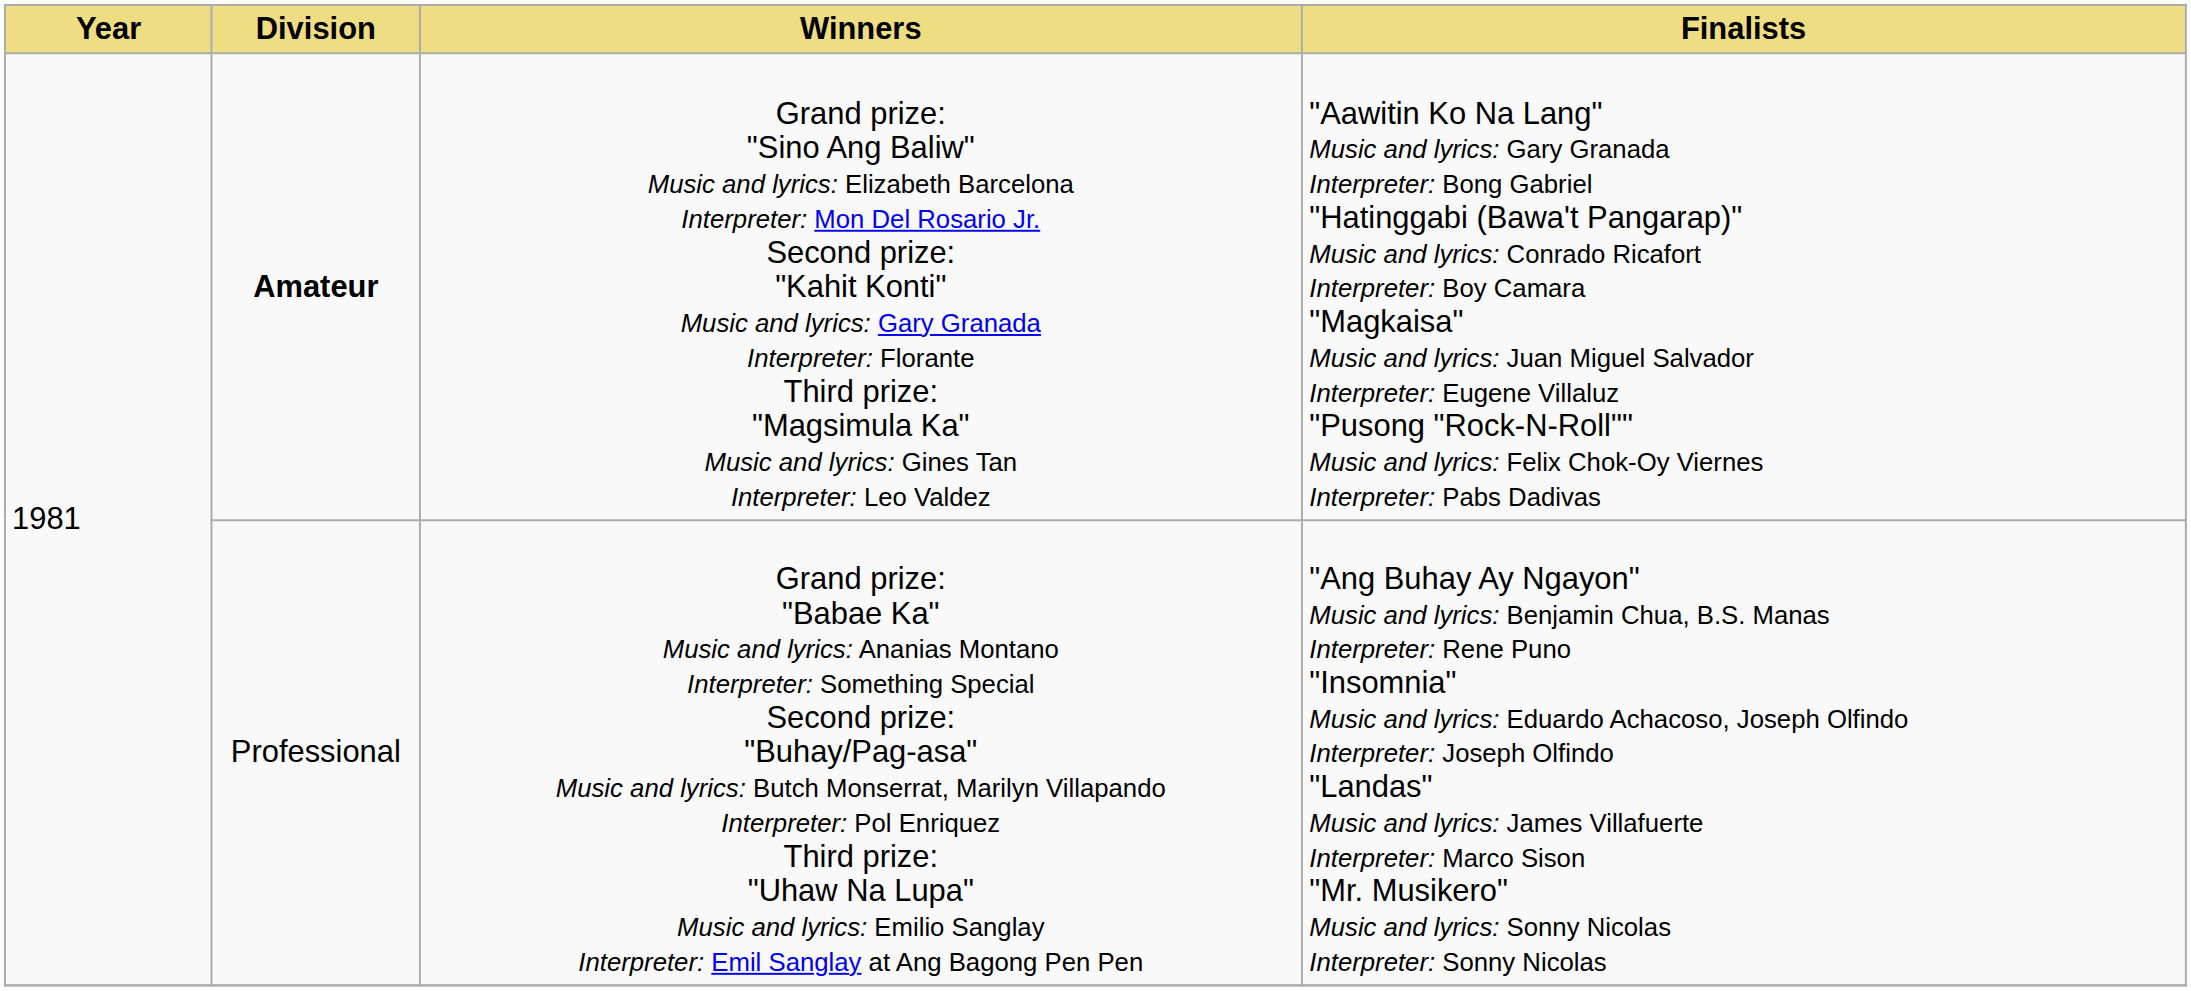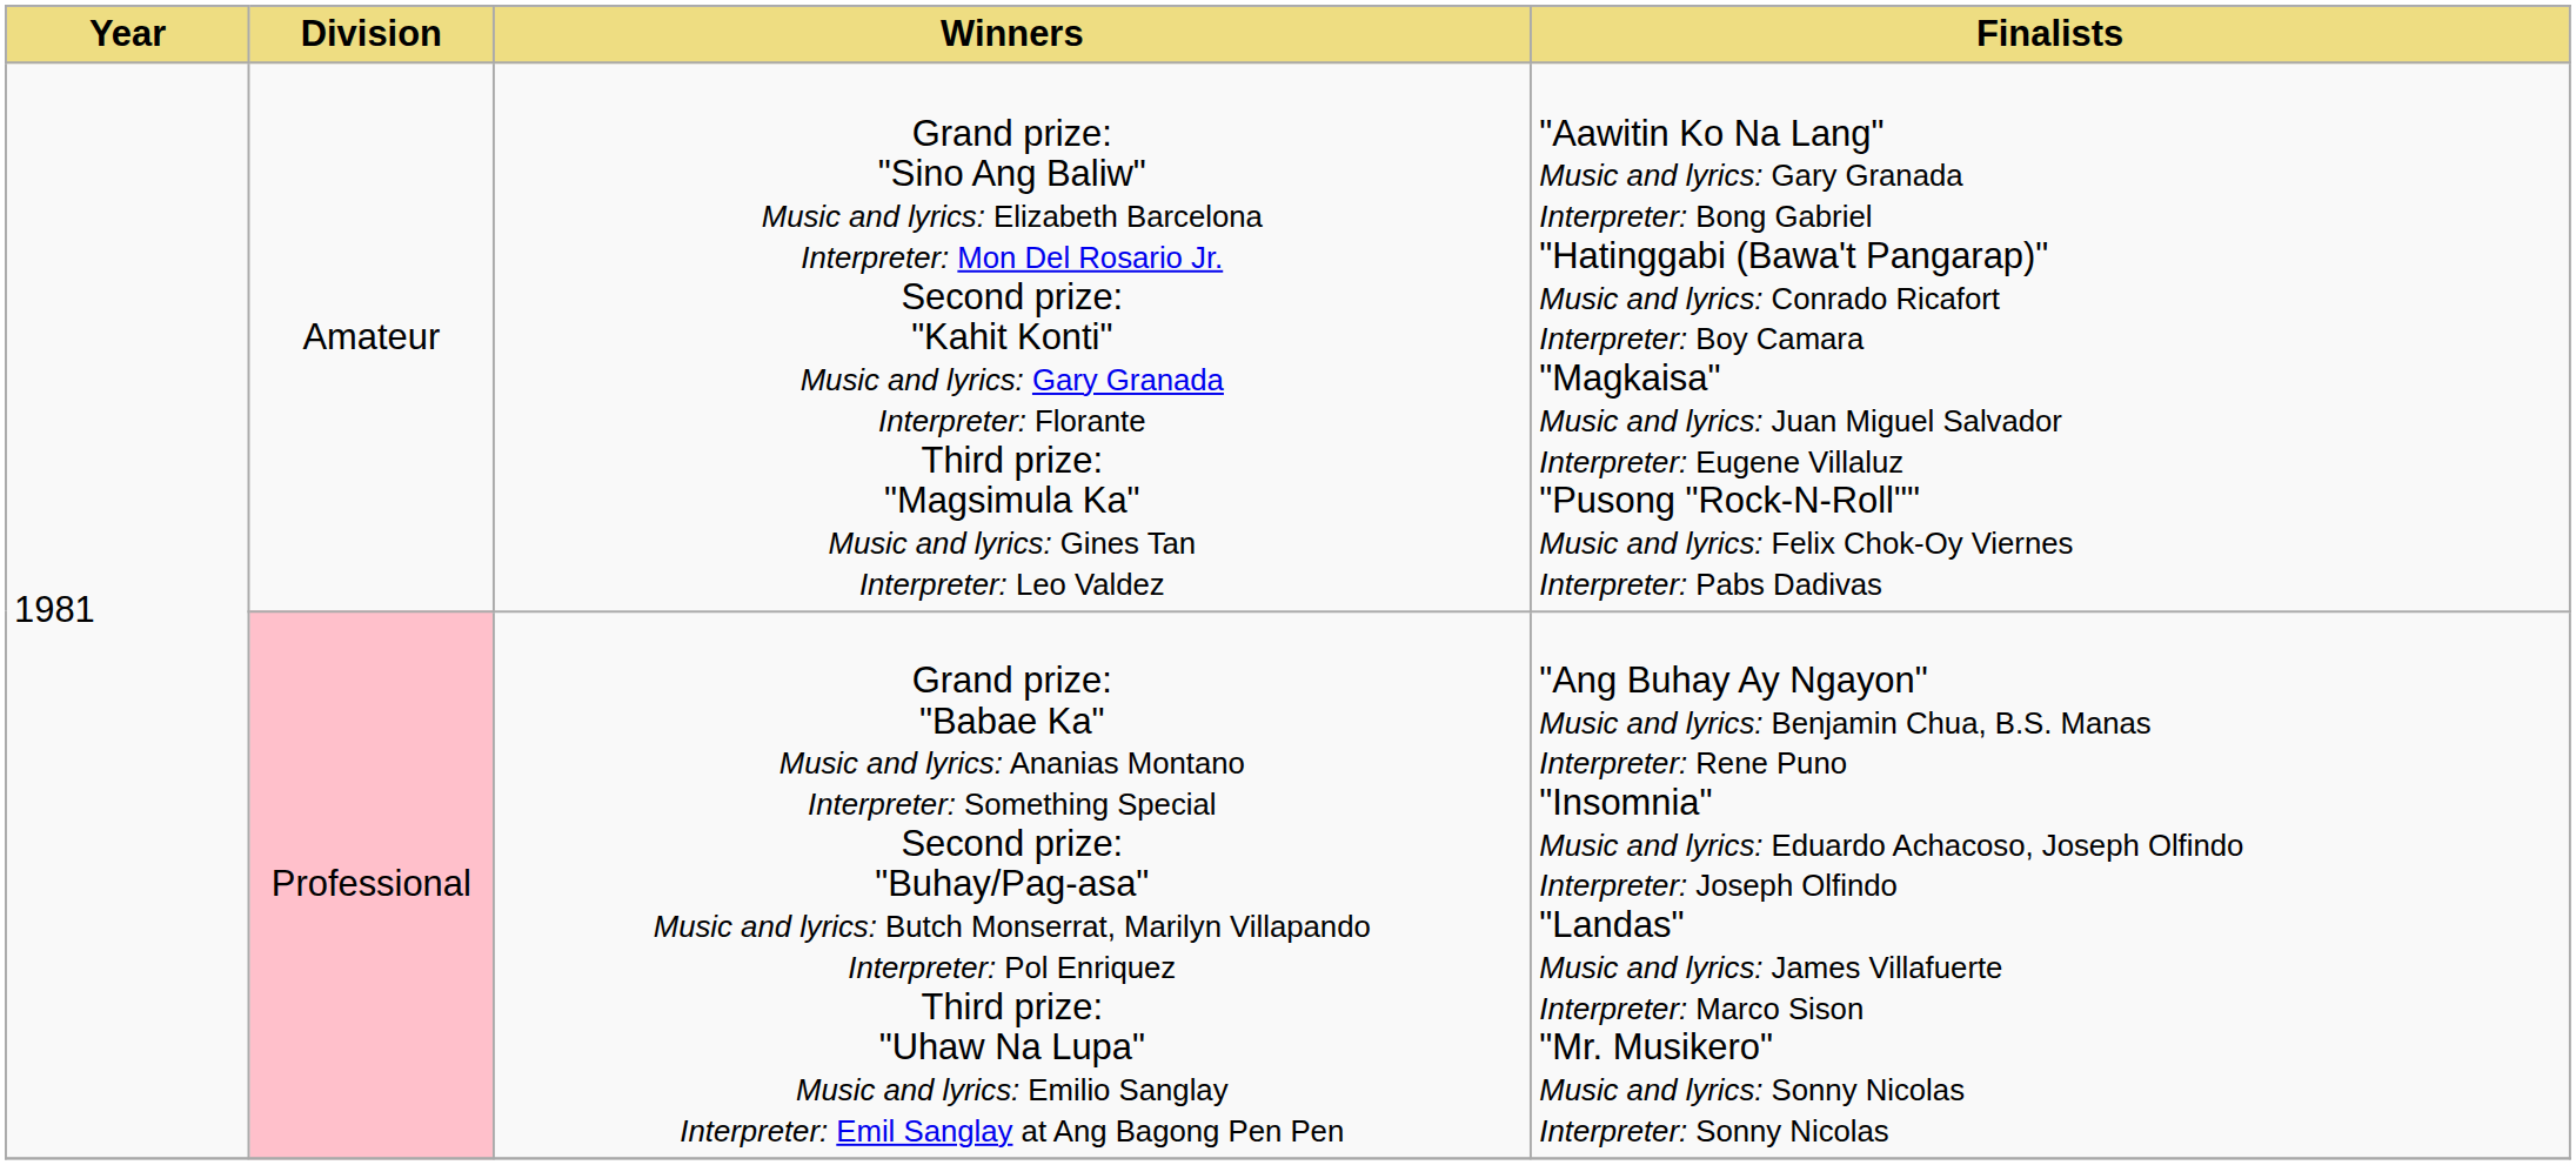 <table class="wikitable" border="1">
 <tr align=center bgcolor=lavender>
 <th style="background:#EEDD82;" width=100>Year</th>
 <th style="background:#EEDD82;" width=100>Division</th>
 <th style="background:#EEDD82;" width=450>Winners</th>
 <th style="background:#EEDD82;" width=450>Finalists</th>
 </tr>
 <tr>
 <td rowspan=2>1981</td>
-<td align="center" valign="center"><strong>Amateur</strong></td>
+<td align="center" valign="center">Amateur</td>
 <td align="center" valign="center"><br>Grand prize:<br>  "Sino Ang Baliw"<br> <small><em>Music and lyrics:</em> Elizabeth Barcelona<br> <em>Interpreter:</em> <a href='#'>Mon Del Rosario Jr.</a></small><br>Second prize:<br> "Kahit Konti"<br> <small><em>Music and lyrics:</em> <a href='#'>Gary Granada</a><br> <em>Interpreter:</em> Florante</small><br>Third prize:<br> "Magsimula Ka"<br> <small><em>Music and lyrics:</em> Gines Tan<br> <em>Interpreter:</em> Leo Valdez</small></td>
 <td><br>"Aawitin Ko Na Lang"<br> <small><em>Music and lyrics:</em> Gary Granada<br> <em>Interpreter:</em> Bong Gabriel</small><br>"Hatinggabi (Bawa't Pangarap)"<br> <small><em>Music and lyrics:</em> Conrado Ricafort<br> <em>Interpreter:</em> Boy Camara</small><br>"Magkaisa"<br> <small><em>Music and lyrics:</em> Juan Miguel Salvador<br> <em>Interpreter:</em> Eugene Villaluz</small><br>"Pusong "Rock-N-Roll""<br> <small><em>Music and lyrics:</em> Felix Chok-Oy Viernes<br> <em>Interpreter:</em> Pabs Dadivas</small></td>
 </tr>
 <tr>
-<td align="center" valign="center">Professional</td>
+<td align="center" valign="center" style="background: pink;">Professional</td>
 <td align="center" valign="center"><br>Grand prize:<br>  "Babae Ka"<br> <small><em>Music and lyrics:</em> Ananias Montano<br> <em>Interpreter:</em> Something Special</small><br>Second prize:<br> "Buhay/Pag-asa"<br> <small><em>Music and lyrics:</em> Butch Monserrat, Marilyn Villapando<br> <em>Interpreter:</em> Pol Enriquez</small><br>Third prize:<br> "Uhaw Na Lupa"<br> <small><em>Music and lyrics:</em> Emilio Sanglay<br> <em>Interpreter:</em> <a href='#'>Emil Sanglay</a> at Ang Bagong Pen Pen</small></td>
 <td><br>"Ang Buhay Ay Ngayon"<br> <small><em>Music and lyrics:</em> Benjamin Chua, B.S. Manas<br> <em>Interpreter:</em> Rene Puno</small><br>"Insomnia"<br> <small><em>Music and lyrics:</em> Eduardo Achacoso, Joseph Olfindo<br> <em>Interpreter:</em> Joseph Olfindo</small><br>"Landas"<br> <small><em>Music and lyrics:</em> James Villafuerte<br> <em>Interpreter:</em> Marco Sison</small><br>"Mr. Musikero"<br> <small><em>Music and lyrics:</em> Sonny Nicolas<br> <em>Interpreter:</em> Sonny Nicolas</small></td>
 </tr>
 <tr>
 </tr>
 </table>
